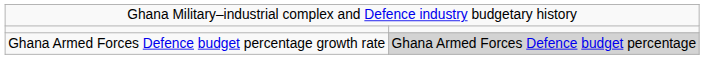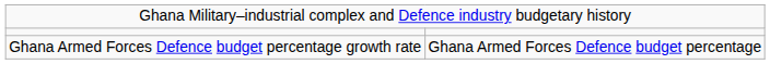 <table class="wikitable" style="text-align:center; float:center; margin-right:.2px; margin-left:9px;margin:1em auto">
 <tr>
 <td colspan="2" style="text-align:center;">Ghana Military–industrial complex and <a href='#'>Defence industry</a> budgetary history</td>
 </tr>
 <tr>
 <td style="text-align:left;"></td>
 <td style="text-align:left;"></td>
 </tr>
 <tr>
 <td style="text-align:center;">Ghana Armed Forces <a href='#'>Defence</a> <a href='#'>budget</a> percentage growth rate</td>
-<td style="background: lightgrey; text-align:center;">Ghana Armed Forces <a href='#'>Defence</a> <a href='#'>budget</a> percentage</td>
+<td style="text-align:center;">Ghana Armed Forces <a href='#'>Defence</a> <a href='#'>budget</a> percentage</td>
 </tr>
 </table>
